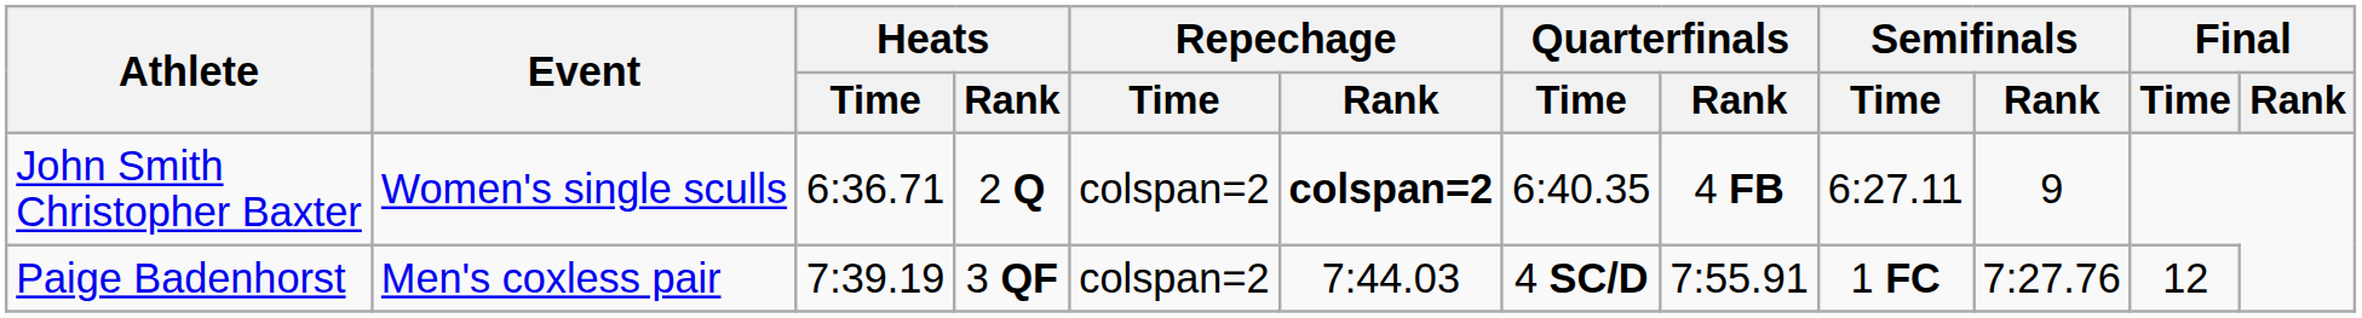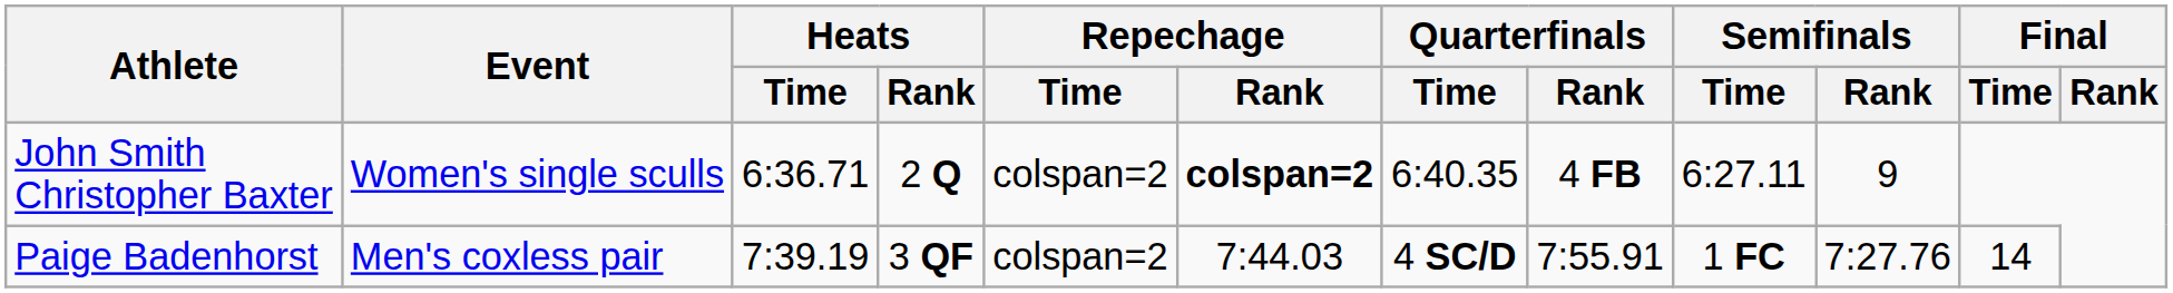 <table class=wikitable style=font-size:90%;text-align:center>
 <tr>
 <th rowspan=2>Athlete</th>
 <th rowspan=2>Event</th>
 <th colspan=2>Heats</th>
 <th colspan=2>Repechage</th>
 <th colspan=2>Quarterfinals</th>
 <th colspan=2>Semifinals</th>
 <th colspan=2>Final</th>
 </tr>
 <tr style=font-size:95%>
 <th>Time</th>
 <th>Rank</th>
 <th>Time</th>
 <th>Rank</th>
 <th>Time</th>
 <th>Rank</th>
 <th>Time</th>
 <th>Rank</th>
 <th>Time</th>
 <th>Rank</th>
 </tr>
 <tr>
 <td align=left><a href='#'>John Smith</a><br><a href='#'>Christopher Baxter</a></td>
 <td align=left><a href='#'>Women's single sculls</a></td>
 <td>6:36.71</td>
 <td>2 <strong>Q</strong></td>
 <td>colspan=2 </td>
 <td><strong>colspan=2 </strong></td>
 <td>6:40.35</td>
 <td>4 <strong>FB</strong></td>
 <td>6:27.11</td>
 <td>9</td>
 </tr>
 <tr>
 <td align=left><a href='#'>Paige Badenhorst</a></td>
 <td align=left><a href='#'>Men's coxless pair</a></td>
 <td>7:39.19</td>
 <td>3 <strong>QF</strong></td>
 <td>colspan=2 </td>
 <td>7:44.03</td>
 <td>4 <strong>SC/D</strong></td>
 <td>7:55.91</td>
 <td>1 <strong>FC</strong></td>
 <td>7:27.76</td>
-<td>12</td>
+<td>14</td>
 </tr>
 </table>
